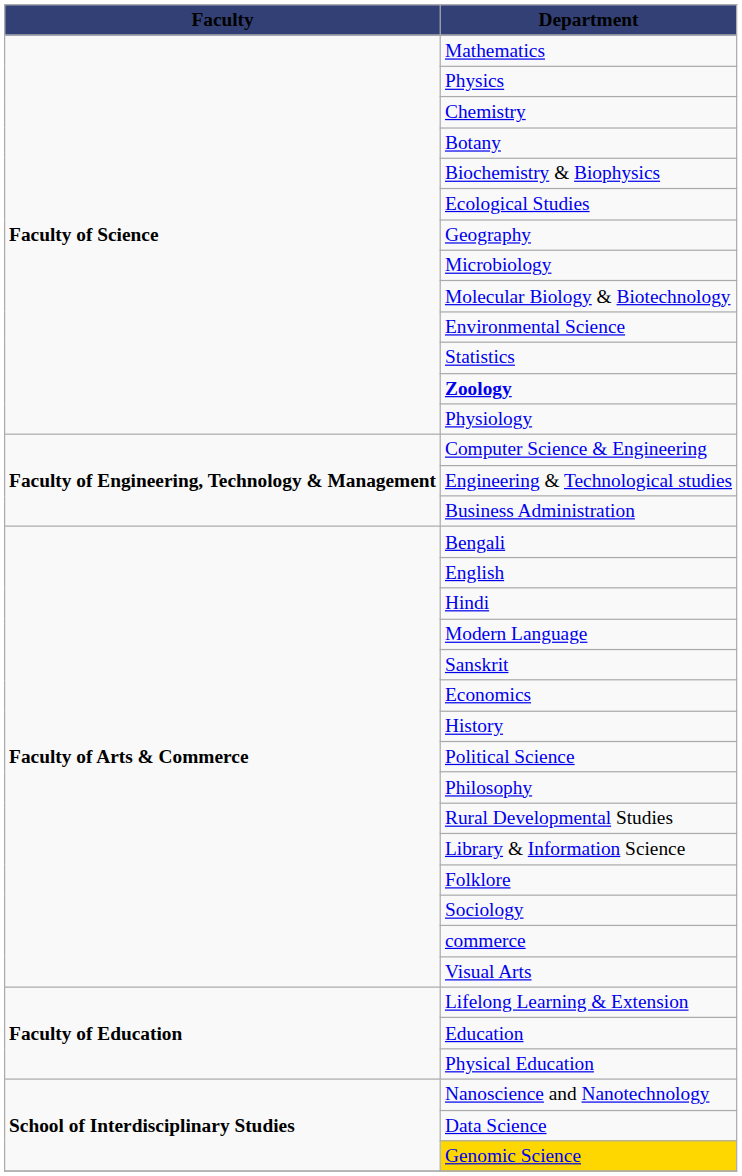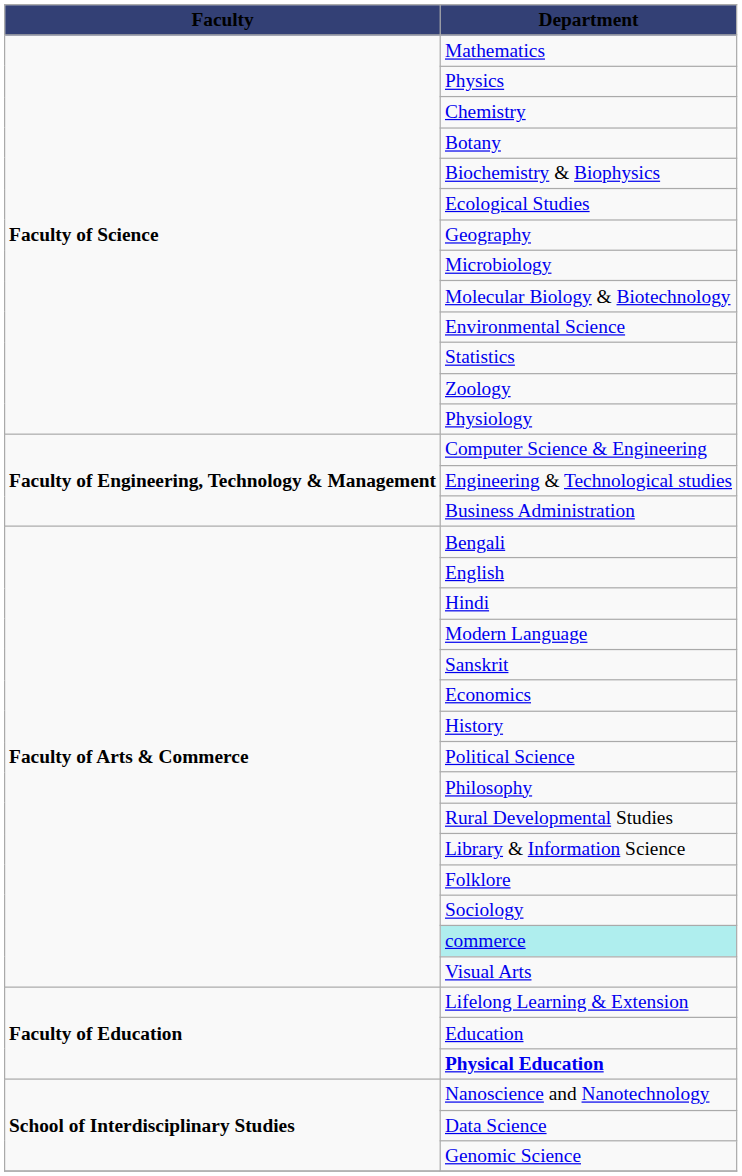 <table class = "wikitable">
 <tr>
 <th style='background: #334075'><span>Faculty</span></th>
 <th style='background: #334075'><span>Department</span></th>
 </tr>
 <tr>
 <td rowspan=13><strong>Faculty of Science</strong></td>
 <td><a href='#'>Mathematics</a></td>
 </tr>
 <tr>
 <td><a href='#'>Physics</a></td>
 </tr>
 <tr>
 <td><a href='#'>Chemistry</a></td>
 </tr>
 <tr>
 <td><a href='#'>Botany</a></td>
 </tr>
 <tr>
 <td><a href='#'>Biochemistry</a> & <a href='#'>Biophysics</a></td>
 </tr>
 <tr>
 <td><a href='#'>Ecological Studies</a></td>
 </tr>
 <tr>
 <td><a href='#'>Geography</a></td>
 </tr>
 <tr>
 <td><a href='#'>Microbiology</a></td>
 </tr>
 <tr>
 <td><a href='#'>Molecular Biology</a> & <a href='#'>Biotechnology</a></td>
 </tr>
 <tr>
 <td><a href='#'>Environmental Science</a></td>
 </tr>
 <tr>
 <td><a href='#'>Statistics</a></td>
 </tr>
 <tr>
-<td><strong><a href='#'>Zoology</a></strong></td>
+<td><a href='#'>Zoology</a></td>
 </tr>
 <tr>
 <td><a href='#'>Physiology</a></td>
 </tr>
 <tr>
 <td rowspan=3><strong>Faculty of Engineering, Technology & Management</strong></td>
 <td><a href='#'>Computer Science & Engineering</a></td>
 </tr>
 <tr>
 <td><a href='#'>Engineering</a> & <a href='#'>Technological studies</a></td>
 </tr>
 <tr>
 <td><a href='#'>Business Administration</a></td>
 </tr>
 <tr>
 <td rowspan=15><strong>Faculty of Arts & Commerce</strong></td>
 <td><a href='#'>Bengali</a></td>
 </tr>
 <tr>
 <td><a href='#'>English</a></td>
 </tr>
 <tr>
 <td><a href='#'>Hindi</a></td>
 </tr>
 <tr>
 <td><a href='#'>Modern Language</a></td>
 </tr>
 <tr>
 <td><a href='#'>Sanskrit</a></td>
 </tr>
 <tr>
 <td><a href='#'>Economics</a></td>
 </tr>
 <tr>
 <td><a href='#'>History</a></td>
 </tr>
 <tr>
 <td><a href='#'>Political Science</a></td>
 </tr>
 <tr>
 <td><a href='#'>Philosophy</a></td>
 </tr>
 <tr>
 <td><a href='#'>Rural Developmental</a> Studies</td>
 </tr>
 <tr>
 <td><a href='#'>Library</a> & <a href='#'>Information</a> Science</td>
 </tr>
 <tr>
 <td><a href='#'>Folklore</a></td>
 </tr>
 <tr>
 <td><a href='#'>Sociology</a></td>
 </tr>
 <tr>
-<td><a href='#'>commerce</a></td>
+<td style="background: paleturquoise;"><a href='#'>commerce</a></td>
 </tr>
 <tr>
 <td><a href='#'>Visual Arts</a></td>
 </tr>
 <tr>
 <td rowspan=3><strong>Faculty of Education</strong></td>
 <td><a href='#'>Lifelong Learning & Extension</a></td>
 </tr>
 <tr>
 <td><a href='#'>Education</a></td>
 </tr>
 <tr>
-<td><a href='#'>Physical Education</a></td>
+<td><strong><a href='#'>Physical Education</a></strong></td>
 </tr>
 <tr>
 <td rowspan=3><strong>School of Interdisciplinary Studies</strong></td>
 <td><a href='#'>Nanoscience</a> and <a href='#'>Nanotechnology</a></td>
 </tr>
 <tr>
 <td><a href='#'>Data Science</a></td>
 </tr>
 <tr>
-<td style="background: gold;"><a href='#'>Genomic Science</a></td>
+<td><a href='#'>Genomic Science</a></td>
 </tr>
 <tr>
 </tr>
 </table>
